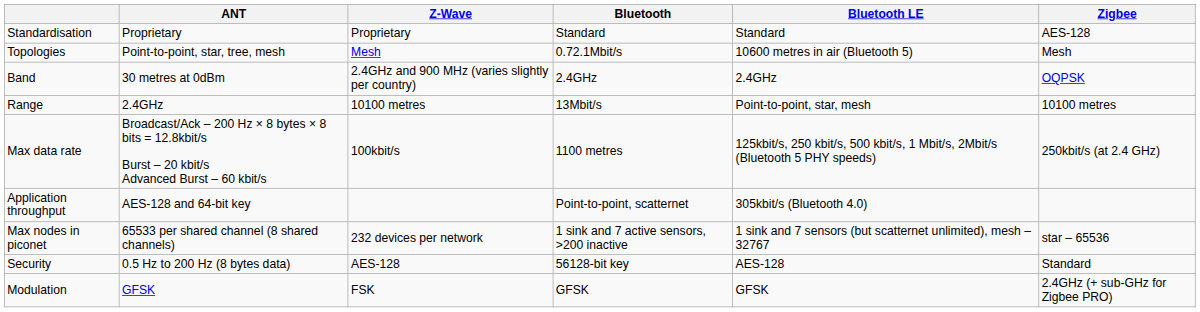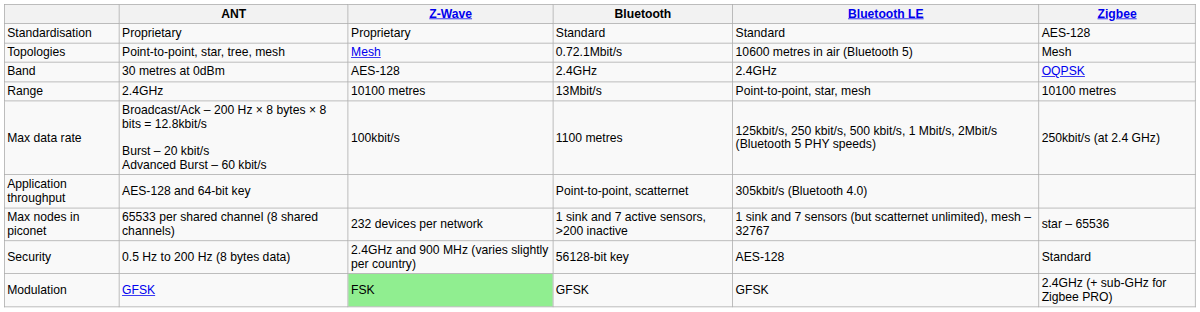 <table class="wikitable">
 <tr>
 <th></th>
 <th>ANT</th>
 <th><a href='#'>Z-Wave</a></th>
 <th>Bluetooth</th>
 <th><a href='#'>Bluetooth LE</a></th>
 <th><a href='#'>Zigbee</a></th>
 </tr>
 <tr>
 <td>Standardisation</td>
 <td>Proprietary</td>
 <td>Proprietary</td>
 <td>Standard</td>
 <td>Standard</td>
 <td>AES-128</td>
 </tr>
 <tr>
 <td>Topologies</td>
 <td>Point-to-point, star, tree, mesh</td>
 <td><a href='#'>Mesh</a></td>
 <td>0.72.1Mbit/s</td>
 <td>10600 metres in air (Bluetooth 5)</td>
 <td>Mesh</td>
 </tr>
 <tr>
 <td>Band</td>
 <td>30 metres at 0dBm</td>
-<td>2.4GHz and 900 MHz (varies slightly per country)</td>
+<td>AES-128</td>
 <td>2.4GHz</td>
 <td>2.4GHz</td>
 <td><a href='#'>OQPSK</a></td>
 </tr>
 <tr>
 <td>Range</td>
 <td>2.4GHz</td>
 <td>10100 metres</td>
 <td>13Mbit/s</td>
 <td>Point-to-point, star, mesh</td>
 <td>10100 metres</td>
 </tr>
 <tr>
 <td>Max data rate</td>
 <td>Broadcast/Ack – 200 Hz × 8 bytes × 8 bits = 12.8kbit/s<br><br>Burst – 20 kbit/s<br> Advanced Burst – 60 kbit/s</td>
 <td>100kbit/s</td>
 <td>1100 metres</td>
 <td>125kbit/s, 250 kbit/s, 500 kbit/s, 1 Mbit/s, 2Mbit/s (Bluetooth 5 PHY speeds)</td>
 <td>250kbit/s (at 2.4 GHz)</td>
 </tr>
 <tr>
 <td>Application throughput</td>
 <td>AES-128 and 64-bit key</td>
 <td></td>
 <td>Point-to-point, scatternet</td>
 <td>305kbit/s (Bluetooth 4.0)</td>
 <td></td>
 </tr>
 <tr>
 <td>Max nodes in piconet</td>
 <td>65533 per shared channel (8 shared channels)</td>
 <td>232 devices per network</td>
 <td>1 sink and 7 active sensors, >200 inactive</td>
 <td>1 sink and 7 sensors (but scatternet unlimited), mesh – 32767</td>
 <td>star – 65536</td>
 </tr>
 <tr>
 <td>Security</td>
 <td>0.5 Hz to 200 Hz (8 bytes data)</td>
-<td>AES-128</td>
+<td>2.4GHz and 900 MHz (varies slightly per country)</td>
 <td>56128-bit key</td>
 <td>AES-128</td>
 <td>Standard</td>
 </tr>
 <tr>
 <td>Modulation</td>
 <td><a href='#'>GFSK</a></td>
-<td>FSK</td>
+<td style="background: lightgreen;">FSK</td>
 <td>GFSK</td>
 <td>GFSK</td>
 <td>2.4GHz (+ sub-GHz for Zigbee PRO)</td>
 </tr>
 </table>
